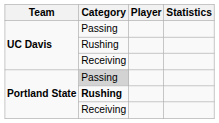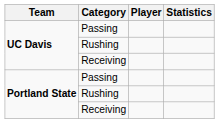 <table class="wikitable" style="float: right;">
 <tr>
 <th>Team</th>
 <th>Category</th>
 <th>Player</th>
 <th>Statistics</th>
 </tr>
 <tr>
 <td rowspan=3><strong>UC Davis</strong></td>
 <td>Passing</td>
 <td></td>
 <td></td>
 </tr>
 <tr>
 <td>Rushing</td>
 <td></td>
 <td></td>
 </tr>
 <tr>
 <td>Receiving</td>
 <td></td>
 <td></td>
 </tr>
 <tr>
 <td rowspan=3><strong>Portland State</strong></td>
-<td style="background: lightgrey;">Passing</td>
+<td>Passing</td>
 <td></td>
 <td></td>
 </tr>
 <tr>
-<td><strong>Rushing</strong></td>
+<td>Rushing</td>
 <td></td>
 <td></td>
 </tr>
 <tr>
 <td>Receiving</td>
 <td></td>
 <td></td>
 </tr>
 </table>
